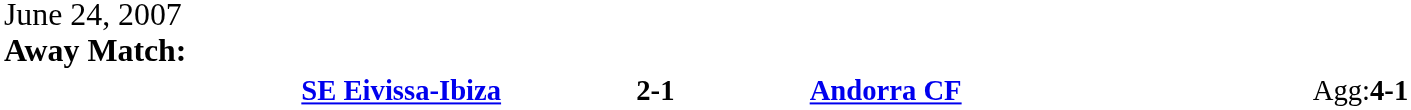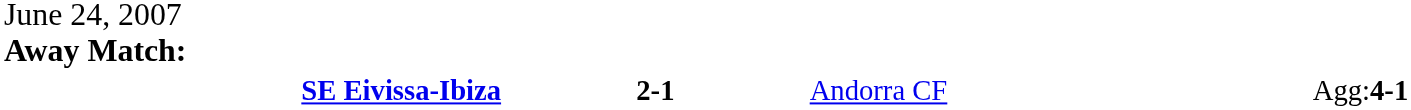 <table width=100% cellspacing=1>
 <tr>
 <th width=20%></th>
 <th width=12%></th>
 <th width=20%></th>
 <th></th>
 </tr>
 <tr>
 <td>June 24, 2007<br><strong>Away Match:</strong></td>
 </tr>
 <tr style=font-size:90%>
 <td align=right><strong><a href='#'>SE Eivissa-Ibiza</a></strong></td>
 <td align=center><strong>2-1</strong></td>
-<td><strong><a href='#'>Andorra CF</a></strong></td>
+<td><a href='#'>Andorra CF</a></td>
 <td>Agg:<strong>4-1</strong></td>
 </tr>
 </table>
